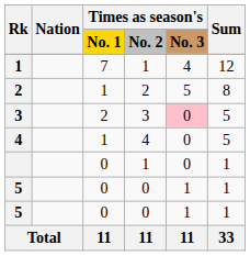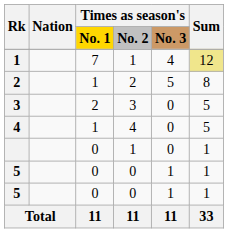 <table class="wikitable sortable" style="text-align: center;">
 <tr>
 <th rowspan="2">Rk</th>
 <th rowspan="2">Nation</th>
 <th colspan="3">Times as season's</th>
 <th rowspan="2">Sum</th>
 </tr>
 <tr>
 <th style="background-color: gold;">No. 1</th>
 <th style="background-color: silver;">No. 2</th>
 <th style="background-color: #cc9966;">No. 3</th>
 </tr>
 <tr>
 </tr>
 <tr>
 <th>1</th>
 <td></td>
 <td>7</td>
 <td>1</td>
 <td>4</td>
-<td>12</td>
+<td style="background: khaki;">12</td>
 </tr>
 <tr>
 <th>2</th>
 <td></td>
 <td>1</td>
 <td>2</td>
 <td>5</td>
 <td>8</td>
 </tr>
 <tr>
 <th>3</th>
 <td></td>
 <td>2</td>
 <td>3</td>
-<td style="background: pink;">0</td>
+<td>0</td>
 <td>5</td>
 </tr>
 <tr>
 <th>4</th>
 <td></td>
 <td>1</td>
 <td>4</td>
 <td>0</td>
 <td>5</td>
 </tr>
 <tr>
 <th></th>
 <td></td>
 <td>0</td>
 <td>1</td>
 <td>0</td>
 <td>1</td>
 </tr>
 <tr>
 <th>5</th>
 <td></td>
 <td>0</td>
 <td>0</td>
 <td>1</td>
 <td>1</td>
 </tr>
 <tr>
 <th>5</th>
 <td></td>
 <td>0</td>
 <td>0</td>
 <td>1</td>
 <td>1</td>
 </tr>
 <tr class="sortbottom">
 <th colspan="2">Total</th>
 <th>11</th>
 <th>11</th>
 <th>11</th>
 <th>33</th>
 </tr>
 </table>
